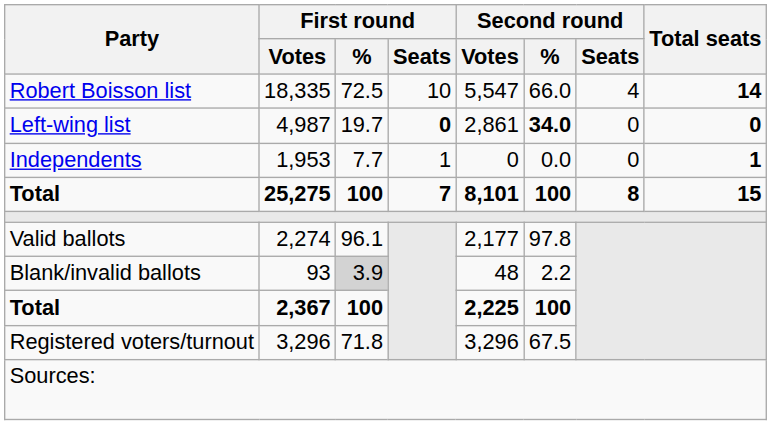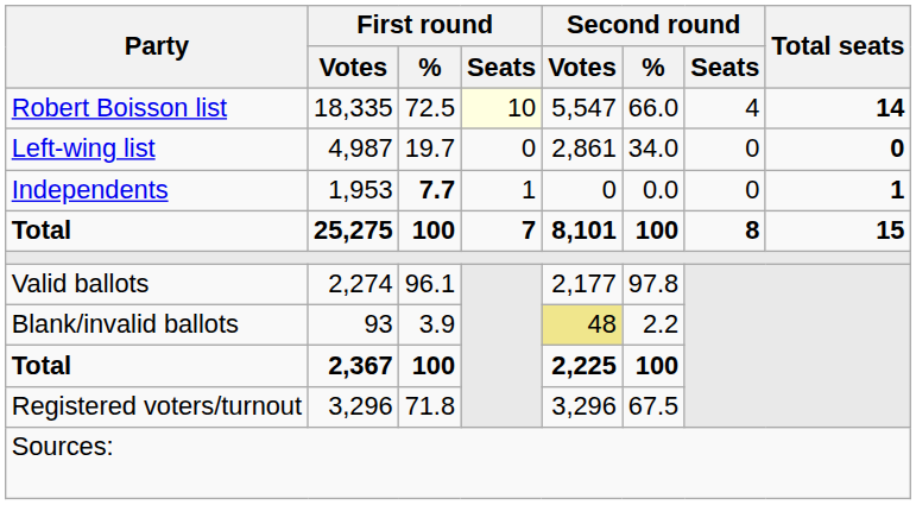 <table class="wikitable">
 <tr>
 <th rowspan="2">Party</th>
 <th colspan="3">First round</th>
 <th colspan="3">Second round</th>
 <th rowspan="2">Total seats</th>
 </tr>
 <tr>
 <th>Votes</th>
 <th>%</th>
 <th>Seats</th>
 <th>Votes</th>
 <th>%</th>
 <th>Seats</th>
 </tr>
 <tr>
 <td><a href='#'>Robert Boisson list</a></td>
 <td style="text-align: right;">18,335</td>
 <td style="text-align: right;">72.5</td>
-<td style="text-align: right;">10</td>
+<td style="background: lightyellow; text-align: right;">10</td>
 <td style="text-align: right;">5,547</td>
 <td style="text-align: right;">66.0</td>
 <td style="text-align: right;">4</td>
 <td style="text-align: right;font-weight: bold;">14</td>
 </tr>
 <tr>
 <td><a href='#'>Left-wing list</a></td>
 <td style="text-align: right;">4,987</td>
 <td style="text-align: right;">19.7</td>
-<td style="text-align: right;"><strong>0</strong></td>
+<td style="text-align: right;">0</td>
 <td style="text-align: right;">2,861</td>
-<td style="text-align: right;"><strong>34.0</strong></td>
+<td style="text-align: right;">34.0</td>
 <td style="text-align: right;">0</td>
 <td style="text-align: right;font-weight: bold;">0</td>
 </tr>
 <tr>
 <td><a href='#'>Independents</a></td>
 <td style="text-align: right;">1,953</td>
-<td style="text-align: right;">7.7</td>
+<td style="text-align: right;"><strong>7.7</strong></td>
 <td style="text-align: right;">1</td>
 <td style="text-align: right;">0</td>
 <td style="text-align: right;">0.0</td>
 <td style="text-align: right;">0</td>
 <td style="text-align: right;font-weight: bold;">1</td>
 </tr>
 <tr>
 <td style="font-weight: bold;">Total</td>
 <td style="text-align: right; font-weight: bold;">25,275</td>
 <td style="text-align: right; font-weight: bold;">100</td>
 <td style="text-align: right; font-weight: bold;">7</td>
 <td style="text-align: right; font-weight: bold;">8,101</td>
 <td style="text-align: right; font-weight: bold;">100</td>
 <td style="text-align: right; font-weight: bold;">8</td>
 <td style="text-align: right;font-weight: bold;">15</td>
 </tr>
 <tr>
 <td colspan="8" bgcolor="#E9E9E9"></td>
 </tr>
 <tr>
 <td>Valid ballots</td>
 <td style="text-align: right;">2,274</td>
 <td style="text-align: right;">96.1</td>
 <td rowspan="4" bgcolor="#E9E9E9"></td>
 <td style="text-align: right;">2,177</td>
 <td style="text-align: right;">97.8</td>
 <td colspan="2" rowspan="4" bgcolor="#E9E9E9"></td>
 </tr>
 <tr>
 <td>Blank/invalid ballots</td>
 <td style="text-align: right;">93</td>
-<td style="background: lightgrey; text-align: right;">3.9</td>
-<td style="text-align: right;">48</td>
+<td style="text-align: right;">3.9</td>
+<td style="background: khaki; text-align: right;">48</td>
 <td style="text-align: right;">2.2</td>
 </tr>
 <tr>
 <td style="font-weight: bold;">Total</td>
 <td style="text-align: right; font-weight: bold;">2,367</td>
 <td style="text-align: right; font-weight: bold;">100</td>
 <td style="text-align: right; font-weight: bold;">2,225</td>
 <td style="text-align: right; font-weight: bold;">100</td>
 </tr>
 <tr>
 <td>Registered voters/turnout</td>
 <td style="text-align: right;">3,296</td>
 <td style="text-align: right;">71.8</td>
 <td style="text-align: right;">3,296</td>
 <td style="text-align: right;">67.5</td>
 </tr>
 <tr>
 <td colspan="8">Sources: <br><br></td>
 </tr>
 </table>
